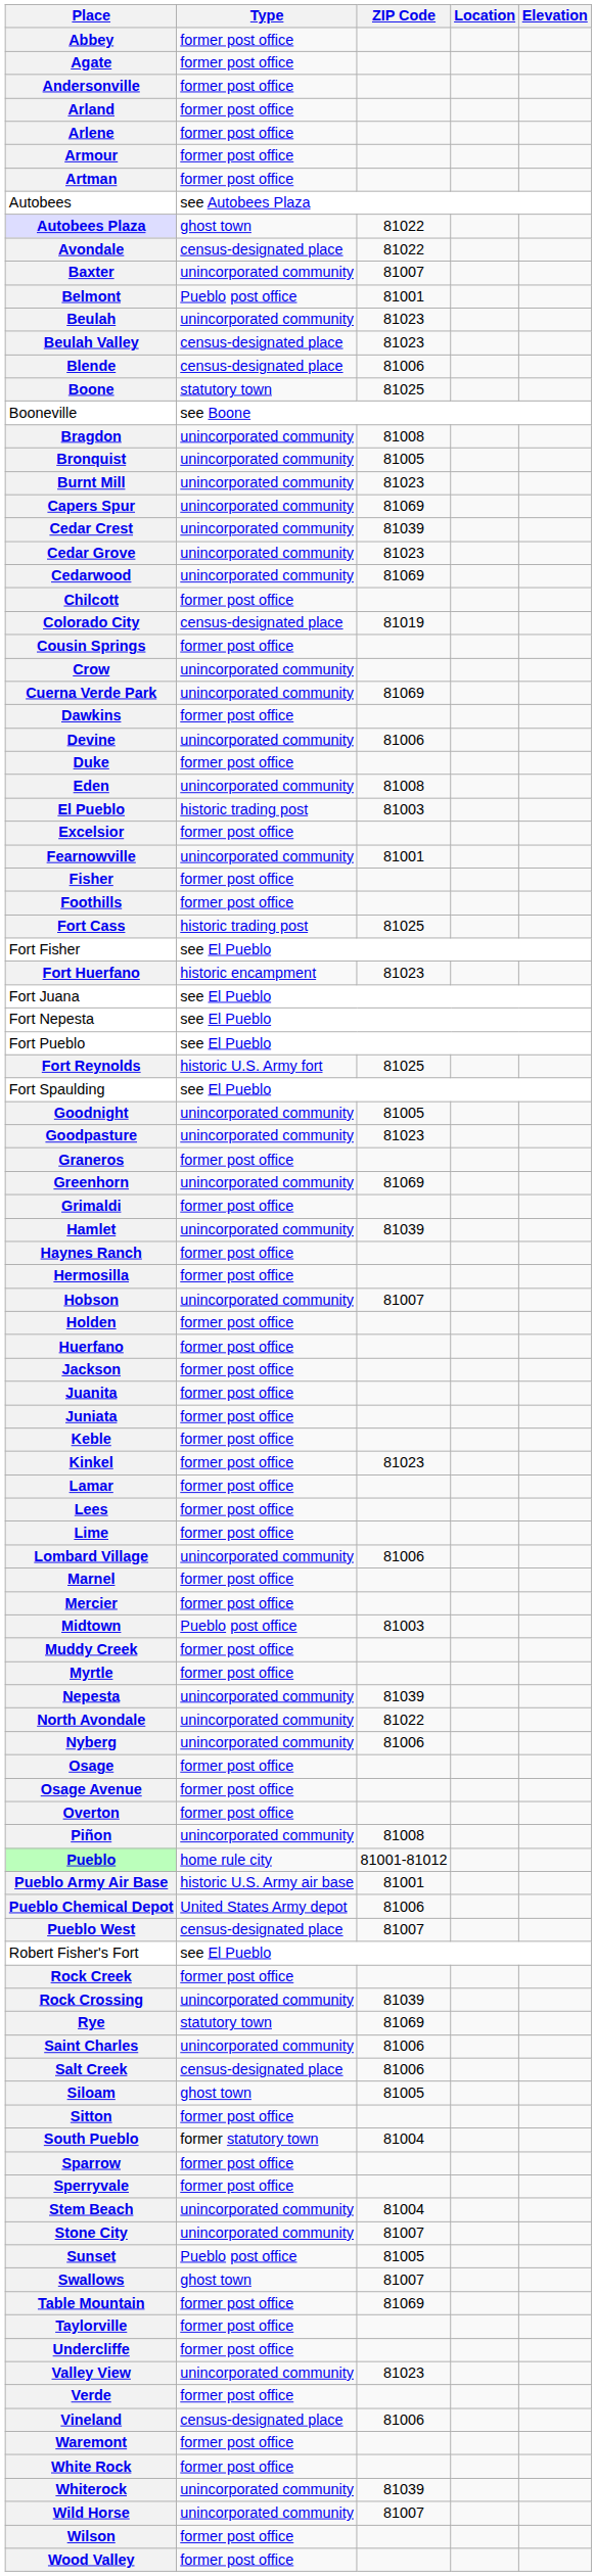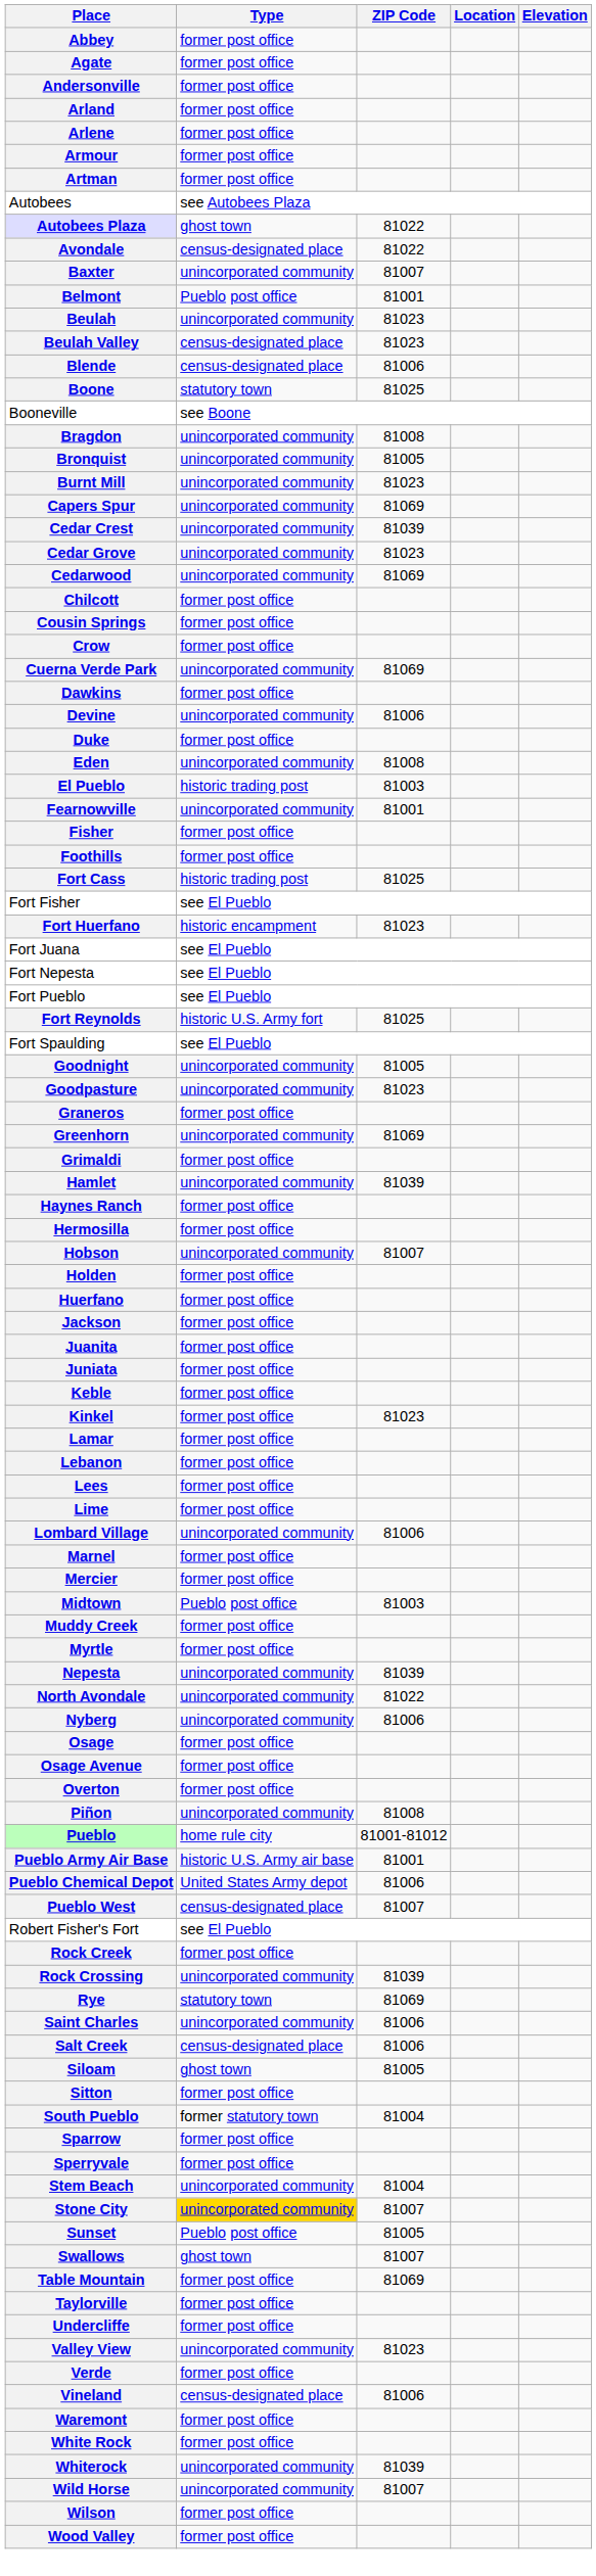 <table class="wikitable sortable  plainrowheaders" style="margin:auto;">
 <tr>
 <th scope=col><a href='#'>Place</a></th>
 <th scope=col><a href='#'>Type</a></th>
 <th scope=col><a href='#'>ZIP Code</a></th>
 <th scope=col><a href='#'>Location</a></th>
 <th scope=col><a href='#'>Elevation</a></th>
 </tr>
 <tr>
 <th scope=row><a href='#'>Abbey</a></th>
 <td><a href='#'>former post office</a></td>
 <td align=center></td>
 <td></td>
 <td></td>
 </tr>
 <tr>
 <th scope=row><a href='#'>Agate</a></th>
 <td><a href='#'>former post office</a></td>
 <td align=center></td>
 <td></td>
 <td></td>
 </tr>
 <tr>
 <th scope=row><a href='#'>Andersonville</a></th>
 <td><a href='#'>former post office</a></td>
 <td align=center></td>
 <td></td>
 <td></td>
 </tr>
 <tr>
 <th scope=row><a href='#'>Arland</a></th>
 <td><a href='#'>former post office</a></td>
 <td align=center></td>
 <td></td>
 <td></td>
 </tr>
 <tr>
 <th scope=row><a href='#'>Arlene</a></th>
 <td><a href='#'>former post office</a></td>
 <td align=center></td>
 <td></td>
 <td></td>
 </tr>
 <tr>
 <th scope=row><a href='#'>Armour</a></th>
 <td><a href='#'>former post office</a></td>
 <td align=center></td>
 <td></td>
 <td></td>
 </tr>
 <tr>
 <th scope=row><a href='#'>Artman</a></th>
 <td><a href='#'>former post office</a></td>
 <td align=center></td>
 <td></td>
 <td></td>
 </tr>
 <tr bgcolor=white>
 <td>Autobees</td>
 <td colspan=4>see <a href='#'>Autobees Plaza</a></td>
 </tr>
 <tr>
 <th scope=row style="background:#DDDDFF;"><a href='#'>Autobees Plaza</a></th>
 <td><a href='#'>ghost town</a></td>
 <td align=center>81022</td>
 <td></td>
 <td align=right></td>
 </tr>
 <tr>
 <th scope=row><a href='#'>Avondale</a></th>
 <td><a href='#'>census-designated place</a></td>
 <td align=center>81022</td>
 <td></td>
 <td align=right></td>
 </tr>
 <tr>
 <th scope=row><a href='#'>Baxter</a></th>
 <td><a href='#'>unincorporated community</a></td>
 <td align=center>81007</td>
 <td></td>
 <td align=right></td>
 </tr>
 <tr>
 <th scope=row><a href='#'>Belmont</a></th>
 <td><a href='#'>Pueblo</a> <a href='#'>post office</a></td>
 <td align=center>81001</td>
 <td></td>
 <td></td>
 </tr>
 <tr>
 <th scope=row><a href='#'>Beulah</a></th>
 <td><a href='#'>unincorporated community</a></td>
 <td align=center>81023</td>
 <td></td>
 <td align=right></td>
 </tr>
 <tr>
 <th scope=row><a href='#'>Beulah Valley</a></th>
 <td><a href='#'>census-designated place</a></td>
 <td align=center>81023</td>
 <td></td>
 <td align=right></td>
 </tr>
 <tr>
 <th scope=row><a href='#'>Blende</a></th>
 <td><a href='#'>census-designated place</a></td>
 <td align=center>81006</td>
 <td></td>
 <td align=right></td>
 </tr>
 <tr>
 <th scope=row><a href='#'>Boone</a></th>
 <td><a href='#'>statutory town</a></td>
 <td align=center>81025</td>
 <td></td>
 <td align=right></td>
 </tr>
 <tr bgcolor=white>
 <td>Booneville</td>
 <td colspan=4>see <a href='#'>Boone</a></td>
 </tr>
 <tr>
 <th scope=row><a href='#'>Bragdon</a></th>
 <td><a href='#'>unincorporated community</a></td>
 <td align=center>81008</td>
 <td></td>
 <td align=right></td>
 </tr>
 <tr>
 <th scope=row><a href='#'>Bronquist</a></th>
 <td><a href='#'>unincorporated community</a></td>
 <td align=center>81005</td>
 <td></td>
 <td align=right></td>
 </tr>
 <tr>
 <th scope=row><a href='#'>Burnt Mill</a></th>
 <td><a href='#'>unincorporated community</a></td>
 <td align=center>81023</td>
 <td></td>
 <td align=right></td>
 </tr>
 <tr>
 <th scope=row><a href='#'>Capers Spur</a></th>
 <td><a href='#'>unincorporated community</a></td>
 <td align=center>81069</td>
 <td></td>
 <td align=right></td>
 </tr>
 <tr>
 <th scope=row><a href='#'>Cedar Crest</a></th>
 <td><a href='#'>unincorporated community</a></td>
 <td align=center>81039</td>
 <td></td>
 <td align=right></td>
 </tr>
 <tr>
 <th scope=row><a href='#'>Cedar Grove</a></th>
 <td><a href='#'>unincorporated community</a></td>
 <td align=center>81023</td>
 <td></td>
 <td align=right></td>
 </tr>
 <tr>
 <th scope=row><a href='#'>Cedarwood</a></th>
 <td><a href='#'>unincorporated community</a></td>
 <td align=center>81069</td>
 <td></td>
 <td align=right></td>
 </tr>
 <tr>
 <th scope=row><a href='#'>Chilcott</a></th>
 <td><a href='#'>former post office</a></td>
 <td align=center></td>
 <td></td>
 <td></td>
 </tr>
 <tr>
-<th scope=row><a href='#'>Colorado City</a></th>
-<td><a href='#'>census-designated place</a></td>
-<td align=center>81019</td>
-<td></td>
-<td align=right></td>
-</tr>
-<tr>
 <th scope=row><a href='#'>Cousin Springs</a></th>
 <td><a href='#'>former post office</a></td>
 <td align=center></td>
 <td></td>
 <td></td>
 </tr>
 <tr>
 <th scope=row><a href='#'>Crow</a></th>
-<td><a href='#'>unincorporated community</a></td>
+<td><a href='#'>former post office</a></td>
 <td align=center></td>
 <td></td>
 <td></td>
 </tr>
 <tr>
 <th scope=row><a href='#'>Cuerna Verde Park</a></th>
 <td><a href='#'>unincorporated community</a></td>
 <td align=center>81069</td>
 <td></td>
 <td align=right></td>
 </tr>
 <tr>
 <th scope=row><a href='#'>Dawkins</a></th>
 <td><a href='#'>former post office</a></td>
 <td align=center></td>
 <td></td>
 <td></td>
 </tr>
 <tr>
 <th scope=row><a href='#'>Devine</a></th>
 <td><a href='#'>unincorporated community</a></td>
 <td align=center>81006</td>
 <td></td>
 <td align=right></td>
 </tr>
 <tr>
 <th scope=row><a href='#'>Duke</a></th>
 <td><a href='#'>former post office</a></td>
 <td align=center></td>
 <td></td>
 <td></td>
 </tr>
 <tr>
 <th scope=row><a href='#'>Eden</a></th>
 <td><a href='#'>unincorporated community</a></td>
 <td align=center>81008</td>
 <td></td>
 <td align=right></td>
 </tr>
 <tr>
 <th scope=row><a href='#'>El Pueblo</a></th>
 <td><a href='#'>historic trading post</a></td>
 <td align=center>81003</td>
-<td></td>
-<td></td>
-</tr>
-<tr>
-<th scope=row><a href='#'>Excelsior</a></th>
-<td><a href='#'>former post office</a></td>
-<td align=center></td>
 <td></td>
 <td></td>
 </tr>
 <tr>
 <th scope=row><a href='#'>Fearnowville</a></th>
 <td><a href='#'>unincorporated community</a></td>
 <td align=center>81001</td>
 <td></td>
 <td align=right></td>
 </tr>
 <tr>
 <th scope=row><a href='#'>Fisher</a></th>
 <td><a href='#'>former post office</a></td>
 <td align=center></td>
 <td></td>
 <td></td>
 </tr>
 <tr>
 <th scope=row><a href='#'>Foothills</a></th>
 <td><a href='#'>former post office</a></td>
 <td align=center></td>
 <td></td>
 <td></td>
 </tr>
 <tr>
 <th scope=row><a href='#'>Fort Cass</a></th>
 <td><a href='#'>historic trading post</a></td>
 <td align=center>81025</td>
 <td></td>
 <td></td>
 </tr>
 <tr bgcolor=white>
 <td>Fort Fisher</td>
 <td colspan=4>see <a href='#'>El Pueblo</a></td>
 </tr>
 <tr>
 <th scope=row><a href='#'>Fort Huerfano</a></th>
 <td><a href='#'>historic encampment</a></td>
 <td align=center>81023</td>
 <td></td>
 <td></td>
 </tr>
 <tr bgcolor=white>
 <td>Fort Juana</td>
 <td colspan=4>see <a href='#'>El Pueblo</a></td>
 </tr>
 <tr bgcolor=white>
 <td>Fort Nepesta</td>
 <td colspan=4>see <a href='#'>El Pueblo</a></td>
 </tr>
 <tr bgcolor=white>
 <td>Fort Pueblo</td>
 <td colspan=4>see <a href='#'>El Pueblo</a></td>
 </tr>
 <tr>
 <th scope=row><a href='#'>Fort Reynolds</a></th>
 <td><a href='#'>historic U.S. Army fort</a></td>
 <td align=center>81025</td>
 <td></td>
 <td align=right></td>
 </tr>
 <tr bgcolor=white>
 <td>Fort Spaulding</td>
 <td colspan=4>see <a href='#'>El Pueblo</a></td>
 </tr>
 <tr>
 <th scope=row><a href='#'>Goodnight</a></th>
 <td><a href='#'>unincorporated community</a></td>
 <td align=center>81005</td>
 <td></td>
 <td align=right></td>
 </tr>
 <tr>
 <th scope=row><a href='#'>Goodpasture</a></th>
 <td><a href='#'>unincorporated community</a></td>
 <td align=center>81023</td>
 <td></td>
 <td align=right></td>
 </tr>
 <tr>
 <th scope=row><a href='#'>Graneros</a></th>
 <td><a href='#'>former post office</a></td>
 <td align=center></td>
 <td></td>
 <td></td>
 </tr>
 <tr>
 <th scope=row><a href='#'>Greenhorn</a></th>
 <td><a href='#'>unincorporated community</a></td>
 <td align=center>81069</td>
 <td></td>
 <td align=right></td>
 </tr>
 <tr>
 <th scope=row><a href='#'>Grimaldi</a></th>
 <td><a href='#'>former post office</a></td>
 <td align=center></td>
 <td></td>
 <td></td>
 </tr>
 <tr>
 <th scope=row><a href='#'>Hamlet</a></th>
 <td><a href='#'>unincorporated community</a></td>
 <td align=center>81039</td>
 <td></td>
 <td align=right></td>
 </tr>
 <tr>
 <th scope=row><a href='#'>Haynes Ranch</a></th>
 <td><a href='#'>former post office</a></td>
 <td align=center></td>
 <td></td>
 <td></td>
 </tr>
 <tr>
 <th scope=row><a href='#'>Hermosilla</a></th>
 <td><a href='#'>former post office</a></td>
 <td align=center></td>
 <td></td>
 <td></td>
 </tr>
 <tr>
 <th scope=row><a href='#'>Hobson</a></th>
 <td><a href='#'>unincorporated community</a></td>
 <td align=center>81007</td>
 <td></td>
 <td align=right></td>
 </tr>
 <tr>
 <th scope=row><a href='#'>Holden</a></th>
 <td><a href='#'>former post office</a></td>
 <td align=center></td>
 <td></td>
 <td></td>
 </tr>
 <tr>
 <th scope=row><a href='#'>Huerfano</a></th>
 <td><a href='#'>former post office</a></td>
 <td align=center></td>
 <td></td>
 <td></td>
 </tr>
 <tr>
 <th scope=row><a href='#'>Jackson</a></th>
 <td><a href='#'>former post office</a></td>
 <td align=center></td>
 <td></td>
 <td></td>
 </tr>
 <tr>
 <th scope=row><a href='#'>Juanita</a></th>
 <td><a href='#'>former post office</a></td>
 <td align=center></td>
 <td></td>
 <td></td>
 </tr>
 <tr>
 <th scope=row><a href='#'>Juniata</a></th>
 <td><a href='#'>former post office</a></td>
 <td align=center></td>
 <td></td>
 <td></td>
 </tr>
 <tr>
 <th scope=row><a href='#'>Keble</a></th>
 <td><a href='#'>former post office</a></td>
 <td align=center></td>
 <td></td>
 <td></td>
 </tr>
 <tr>
 <th scope=row><a href='#'>Kinkel</a></th>
 <td><a href='#'>former post office</a></td>
 <td align=center>81023</td>
 <td></td>
 <td></td>
 </tr>
 <tr>
 <th scope=row><a href='#'>Lamar</a></th>
+<td><a href='#'>former post office</a></td>
+<td align=center></td>
+<td></td>
+<td></td>
+</tr>
+<tr>
+<th scope=row><a href='#'>Lebanon</a></th>
 <td><a href='#'>former post office</a></td>
 <td align=center></td>
 <td></td>
 <td></td>
 </tr>
 <tr>
 <th scope=row><a href='#'>Lees</a></th>
 <td><a href='#'>former post office</a></td>
 <td align=center></td>
 <td></td>
 <td></td>
 </tr>
 <tr>
 <th scope=row><a href='#'>Lime</a></th>
 <td><a href='#'>former post office</a></td>
 <td align=center></td>
 <td></td>
 <td></td>
 </tr>
 <tr>
 <th scope=row><a href='#'>Lombard Village</a></th>
 <td><a href='#'>unincorporated community</a></td>
 <td align=center>81006</td>
 <td></td>
 <td align=right></td>
 </tr>
 <tr>
 <th scope=row><a href='#'>Marnel</a></th>
 <td><a href='#'>former post office</a></td>
 <td align=center></td>
 <td></td>
 <td></td>
 </tr>
 <tr>
 <th scope=row><a href='#'>Mercier</a></th>
 <td><a href='#'>former post office</a></td>
 <td align=center></td>
 <td></td>
 <td></td>
 </tr>
 <tr>
 <th scope=row><a href='#'>Midtown</a></th>
 <td><a href='#'>Pueblo</a> <a href='#'>post office</a></td>
 <td align=center>81003</td>
 <td></td>
 <td></td>
 </tr>
 <tr>
 <th scope=row><a href='#'>Muddy Creek</a></th>
 <td><a href='#'>former post office</a></td>
 <td align=center></td>
 <td></td>
 <td></td>
 </tr>
 <tr>
 <th scope=row><a href='#'>Myrtle</a></th>
 <td><a href='#'>former post office</a></td>
 <td align=center></td>
 <td></td>
 <td></td>
 </tr>
 <tr>
 <th scope=row><a href='#'>Nepesta</a></th>
 <td><a href='#'>unincorporated community</a></td>
 <td align=center>81039</td>
 <td></td>
 <td align=right></td>
 </tr>
 <tr>
 <th scope=row><a href='#'>North Avondale</a></th>
 <td><a href='#'>unincorporated community</a></td>
 <td align=center>81022</td>
 <td></td>
 <td align=right></td>
 </tr>
 <tr>
 <th scope=row><a href='#'>Nyberg</a></th>
 <td><a href='#'>unincorporated community</a></td>
 <td align=center>81006</td>
 <td></td>
 <td align=right></td>
 </tr>
 <tr>
 <th scope=row><a href='#'>Osage</a></th>
 <td><a href='#'>former post office</a></td>
 <td align=center></td>
 <td></td>
 <td></td>
 </tr>
 <tr>
 <th scope=row><a href='#'>Osage Avenue</a></th>
 <td><a href='#'>former post office</a></td>
 <td align=center></td>
 <td></td>
 <td></td>
 </tr>
 <tr>
 <th scope=row><a href='#'>Overton</a></th>
 <td><a href='#'>former post office</a></td>
 <td align=center></td>
 <td></td>
 <td></td>
 </tr>
 <tr>
 <th scope=row><a href='#'>Piñon</a></th>
 <td><a href='#'>unincorporated community</a></td>
 <td align=center>81008</td>
 <td></td>
 <td align=right></td>
 </tr>
 <tr>
 <th scope=row style="background:#BBFFBB;"><a href='#'>Pueblo</a></th>
 <td><a href='#'>home rule city</a></td>
 <td align=center>81001-81012</td>
 <td></td>
 <td align=right></td>
 </tr>
 <tr>
 <th scope=row><a href='#'>Pueblo Army Air Base</a></th>
 <td><a href='#'>historic U.S. Army air base</a></td>
 <td align=center>81001</td>
 <td></td>
 <td align=right></td>
 </tr>
 <tr>
 <th scope=row><a href='#'>Pueblo Chemical Depot</a></th>
 <td><a href='#'>United States Army depot</a></td>
 <td align=center>81006</td>
 <td></td>
 <td align=right></td>
 </tr>
 <tr>
 <th scope=row><a href='#'>Pueblo West</a></th>
 <td><a href='#'>census-designated place</a></td>
 <td align=center>81007</td>
 <td></td>
 <td align=right></td>
 </tr>
 <tr bgcolor=white>
 <td>Robert Fisher's Fort</td>
 <td colspan=4>see <a href='#'>El Pueblo</a></td>
 </tr>
 <tr>
 <th scope=row><a href='#'>Rock Creek</a></th>
 <td><a href='#'>former post office</a></td>
 <td align=center></td>
 <td></td>
 <td></td>
 </tr>
 <tr>
 <th scope=row><a href='#'>Rock Crossing</a></th>
 <td><a href='#'>unincorporated community</a></td>
 <td align=center>81039</td>
 <td></td>
 <td align=right></td>
 </tr>
 <tr>
 <th scope=row><a href='#'>Rye</a></th>
 <td><a href='#'>statutory town</a></td>
 <td align=center>81069</td>
 <td></td>
 <td align=right></td>
 </tr>
 <tr>
 <th scope=row><a href='#'>Saint Charles</a></th>
 <td><a href='#'>unincorporated community</a></td>
 <td align=center>81006</td>
 <td></td>
 <td align=right></td>
 </tr>
 <tr>
 <th scope=row><a href='#'>Salt Creek</a></th>
 <td><a href='#'>census-designated place</a></td>
 <td align=center>81006</td>
 <td></td>
 <td align=right></td>
 </tr>
 <tr>
 <th scope=row><a href='#'>Siloam</a></th>
 <td><a href='#'>ghost town</a></td>
 <td align=center>81005</td>
 <td></td>
 <td align=right></td>
 </tr>
 <tr>
 <th scope=row><a href='#'>Sitton</a></th>
 <td><a href='#'>former post office</a></td>
 <td align=center></td>
 <td></td>
 <td></td>
 </tr>
 <tr>
 <th scope=row><a href='#'>South Pueblo</a></th>
 <td>former <a href='#'>statutory town</a></td>
 <td align=center>81004</td>
 <td></td>
 <td></td>
 </tr>
 <tr>
 <th scope=row><a href='#'>Sparrow</a></th>
 <td><a href='#'>former post office</a></td>
 <td align=center></td>
 <td></td>
 <td></td>
 </tr>
 <tr>
 <th scope=row><a href='#'>Sperryvale</a></th>
 <td><a href='#'>former post office</a></td>
 <td align=center></td>
 <td></td>
 <td></td>
 </tr>
 <tr>
 <th scope=row><a href='#'>Stem Beach</a></th>
 <td><a href='#'>unincorporated community</a></td>
 <td align=center>81004</td>
 <td></td>
 <td align=right></td>
 </tr>
 <tr>
 <th scope=row><a href='#'>Stone City</a></th>
-<td><a href='#'>unincorporated community</a></td>
+<td style="background: gold;"><a href='#'>unincorporated community</a></td>
 <td align=center>81007</td>
 <td></td>
 <td align=right></td>
 </tr>
 <tr>
 <th scope=row><a href='#'>Sunset</a></th>
 <td><a href='#'>Pueblo</a> <a href='#'>post office</a></td>
 <td align=center>81005</td>
 <td></td>
 <td></td>
 </tr>
 <tr>
 <th scope=row><a href='#'>Swallows</a></th>
 <td><a href='#'>ghost town</a></td>
 <td align=center>81007</td>
 <td></td>
 <td align=right></td>
 </tr>
 <tr>
 <th scope=row><a href='#'>Table Mountain</a></th>
 <td><a href='#'>former post office</a></td>
 <td align=center>81069</td>
 <td></td>
 <td></td>
 </tr>
 <tr>
 <th scope=row><a href='#'>Taylorville</a></th>
 <td><a href='#'>former post office</a></td>
 <td align=center></td>
 <td></td>
 <td></td>
 </tr>
 <tr>
 <th scope=row><a href='#'>Undercliffe</a></th>
 <td><a href='#'>former post office</a></td>
 <td align=center></td>
 <td></td>
 <td></td>
 </tr>
 <tr>
 <th scope=row><a href='#'>Valley View</a></th>
 <td><a href='#'>unincorporated community</a></td>
 <td align=center>81023</td>
 <td></td>
 <td align=right></td>
 </tr>
 <tr>
 <th scope=row><a href='#'>Verde</a></th>
 <td><a href='#'>former post office</a></td>
 <td align=center></td>
 <td></td>
 <td></td>
 </tr>
 <tr>
 <th scope=row><a href='#'>Vineland</a></th>
 <td><a href='#'>census-designated place</a></td>
 <td align=center>81006</td>
 <td></td>
 <td align=right></td>
 </tr>
 <tr>
 <th scope=row><a href='#'>Waremont</a></th>
 <td><a href='#'>former post office</a></td>
 <td align=center></td>
 <td></td>
 <td></td>
 </tr>
 <tr>
 <th scope=row><a href='#'>White Rock</a></th>
 <td><a href='#'>former post office</a></td>
 <td align=center></td>
 <td></td>
 <td></td>
 </tr>
 <tr>
 <th scope=row><a href='#'>Whiterock</a></th>
 <td><a href='#'>unincorporated community</a></td>
 <td align=center>81039</td>
 <td></td>
 <td align=right></td>
 </tr>
 <tr>
 <th scope=row><a href='#'>Wild Horse</a></th>
 <td><a href='#'>unincorporated community</a></td>
 <td align=center>81007</td>
 <td></td>
 <td align=right></td>
 </tr>
 <tr>
 <th scope=row><a href='#'>Wilson</a></th>
 <td><a href='#'>former post office</a></td>
 <td align=center></td>
 <td></td>
 <td></td>
 </tr>
 <tr>
 <th scope=row><a href='#'>Wood Valley</a></th>
 <td><a href='#'>former post office</a></td>
 <td align=center></td>
 <td></td>
 <td></td>
 </tr>
 </table>
